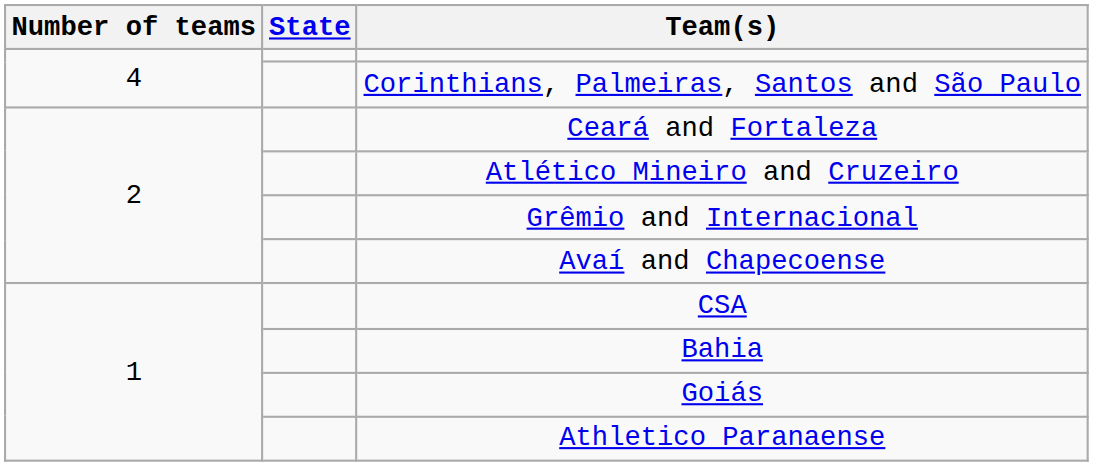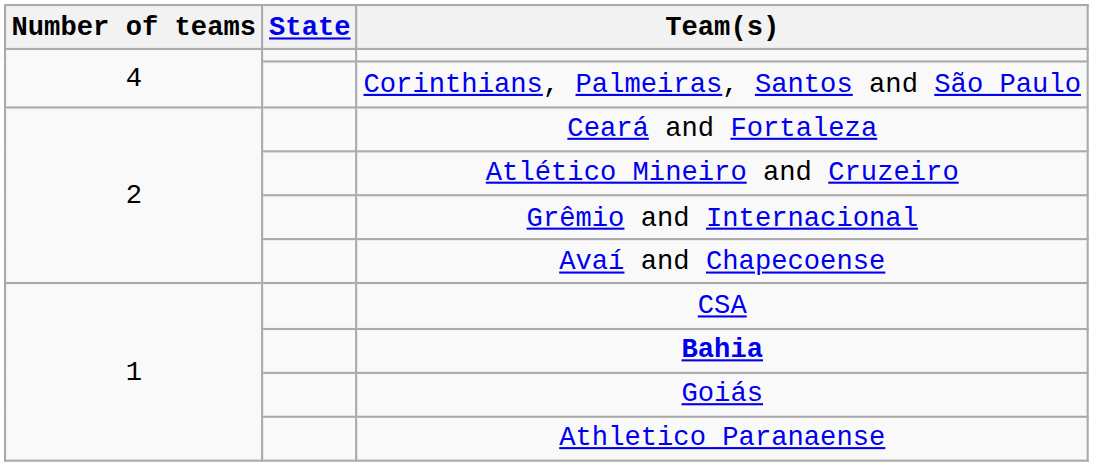 <table class="wikitable" style="text-align:center">
 <tr>
 <th>Number of teams</th>
 <th><a href='#'>State</a></th>
 <th>Team(s)</th>
 </tr>
 <tr>
 <td rowspan=2>4</td>
 <td align=left></td>
 <td></td>
 </tr>
 <tr>
 <td align=left></td>
 <td><a href='#'>Corinthians</a>, <a href='#'>Palmeiras</a>, <a href='#'>Santos</a> and <a href='#'>São Paulo</a></td>
 </tr>
 <tr>
 <td rowspan=4>2</td>
 <td align=left></td>
 <td><a href='#'>Ceará</a> and <a href='#'>Fortaleza</a></td>
 </tr>
 <tr>
 <td align=left></td>
 <td><a href='#'>Atlético Mineiro</a> and <a href='#'>Cruzeiro</a></td>
 </tr>
 <tr>
 <td align=left></td>
 <td><a href='#'>Grêmio</a> and <a href='#'>Internacional</a></td>
 </tr>
 <tr>
 <td align=left></td>
 <td><a href='#'>Avaí</a> and <a href='#'>Chapecoense</a></td>
 </tr>
 <tr>
 <td rowspan=4>1</td>
 <td align=left></td>
 <td><a href='#'>CSA</a></td>
 </tr>
 <tr>
 <td align=left></td>
-<td><a href='#'>Bahia</a></td>
+<td><strong><a href='#'>Bahia</a></strong></td>
 </tr>
 <tr>
 <td align=left></td>
 <td><a href='#'>Goiás</a></td>
 </tr>
 <tr>
 <td align=left></td>
 <td><a href='#'>Athletico Paranaense</a></td>
 </tr>
 </table>
